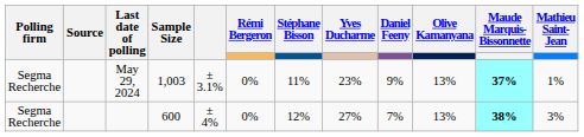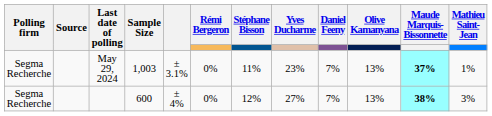 <table class="wikitable sortable tpl-blanktable" style="text-align:center; line-height:14px; font-size:90%;">
 <tr>
 <th rowspan="2">Polling firm</th>
 <th rowspan="2" class="unsortable">Source</th>
 <th rowspan="2">Last date<br>of polling</th>
 <th rowspan="2" class="unsortable">Sample Size</th>
 <th rowspan="2"></th>
 <th style="width:25px;letter-spacing:-1px;"><a href='#'>Rémi Bergeron</a></th>
 <th style="width:25px;letter-spacing:-1px;"><a href='#'>Stéphane Bisson</a></th>
 <th style="width:25px;letter-spacing:-1px;"><a href='#'>Yves Ducharme</a></th>
 <th style="width:25px;letter-spacing:-1px;"><a href='#'>Daniel Feeny</a></th>
 <th style="width:25px;letter-spacing:-1px;"><a href='#'>Olive Kamanyana</a></th>
 <th style="width:25px;letter-spacing:-1px;"><a href='#'>Maude Marquis-Bissonnette</a></th>
 <th style="width:25px;letter-spacing:-1px;"><a href='#'>Mathieu Saint-Jean</a></th>
 </tr>
 <tr class="sorttop">
 <th style="background:#F7B95B;"></th>
 <th style="background:#025590;"></th>
 <th style="background:#E0C0A9;"></th>
 <th style="background:#7D5193;"></th>
 <th style="background:#041F55;"></th>
 <th style="background:"></th>
 <th style="background:#007FFF;"></th>
 </tr>
 <tr>
 <td>Segma Recherche</td>
 <td></td>
 <td>May 29, 2024</td>
 <td>1,003</td>
 <td>± 3.1%</td>
 <td>0%</td>
 <td>11%</td>
 <td>23%</td>
-<td>9%</td>
+<td>7%</td>
 <td>13%</td>
 <td style="background-color:#98ffff;"><strong>37%</strong></td>
 <td>1%</td>
 </tr>
 <tr>
 <td>Segma Recherche</td>
 <td></td>
 <td></td>
 <td>600</td>
 <td>± 4%</td>
 <td>0%</td>
 <td>12%</td>
 <td>27%</td>
 <td>7%</td>
 <td>13%</td>
 <td style="background-color:#98ffff;"><strong>38%</strong></td>
 <td>3%</td>
 </tr>
 </table>
